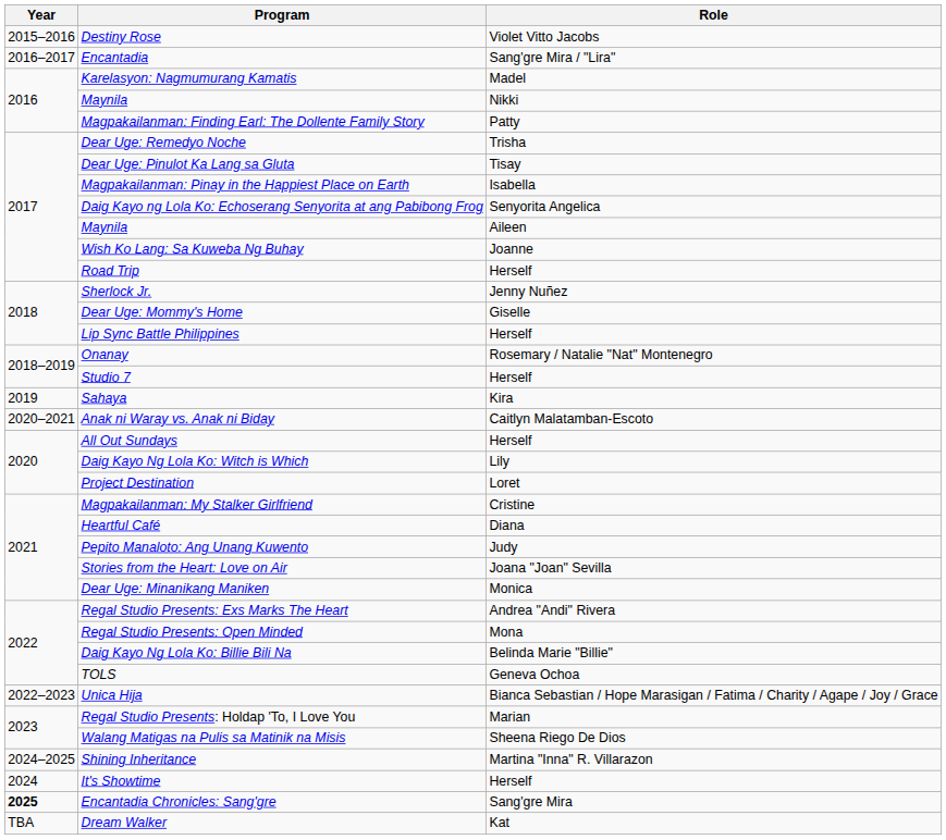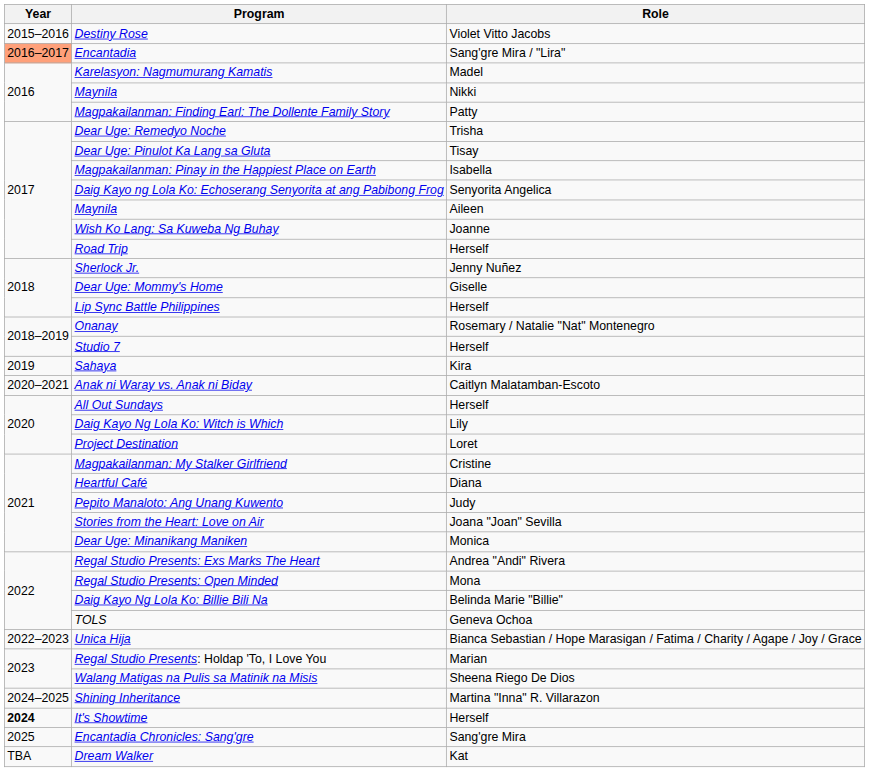 <table class="wikitable" style="font-size: 100%;">
 <tr>
 <th>Year</th>
 <th>Program</th>
 <th>Role</th>
 </tr>
 <tr>
 <td>2015–2016</td>
 <td><em><a href='#'>Destiny Rose</a></em></td>
 <td>Violet Vitto Jacobs</td>
 </tr>
 <tr>
-<td>2016–2017</td>
+<td style="background: lightsalmon;">2016–2017</td>
 <td><em><a href='#'>Encantadia</a></em></td>
 <td>Sang'gre Mira / "Lira"</td>
 </tr>
 <tr>
 <td rowspan="3">2016</td>
 <td><em><a href='#'>Karelasyon: Nagmumurang Kamatis</a></em></td>
 <td>Madel</td>
 </tr>
 <tr>
 <td><em><a href='#'>Maynila</a></em></td>
 <td>Nikki</td>
 </tr>
 <tr>
 <td><em><a href='#'>Magpakailanman: Finding Earl: The Dollente Family Story</a></em></td>
 <td>Patty</td>
 </tr>
 <tr>
 <td rowspan="7">2017</td>
 <td><em><a href='#'>Dear Uge: Remedyo Noche</a></em></td>
 <td>Trisha</td>
 </tr>
 <tr>
 <td><em><a href='#'>Dear Uge: Pinulot Ka Lang sa Gluta</a></em></td>
 <td>Tisay</td>
 </tr>
 <tr>
 <td><em><a href='#'>Magpakailanman: Pinay in the Happiest Place on Earth</a></em></td>
 <td>Isabella</td>
 </tr>
 <tr>
 <td><em><a href='#'>Daig Kayo ng Lola Ko: Echoserang Senyorita at ang Pabibong Frog</a></em></td>
 <td>Senyorita Angelica</td>
 </tr>
 <tr>
 <td><em><a href='#'>Maynila</a></em></td>
 <td>Aileen</td>
 </tr>
 <tr>
 <td><em><a href='#'>Wish Ko Lang: Sa Kuweba Ng Buhay</a></em></td>
 <td>Joanne</td>
 </tr>
 <tr>
 <td><em><a href='#'>Road Trip</a></em></td>
 <td>Herself</td>
 </tr>
 <tr>
 <td rowspan="3">2018</td>
 <td><em><a href='#'>Sherlock Jr.</a></em></td>
 <td>Jenny Nuñez</td>
 </tr>
 <tr>
 <td><em><a href='#'>Dear Uge: Mommy's Home</a></em></td>
 <td>Giselle</td>
 </tr>
 <tr>
 <td><em><a href='#'>Lip Sync Battle Philippines</a></em></td>
 <td>Herself</td>
 </tr>
 <tr>
 <td rowspan="2">2018–2019</td>
 <td><em><a href='#'>Onanay</a></em></td>
 <td>Rosemary / Natalie "Nat" Montenegro</td>
 </tr>
 <tr>
 <td><em><a href='#'>Studio 7</a></em></td>
 <td>Herself</td>
 </tr>
 <tr>
 <td>2019</td>
 <td><em><a href='#'>Sahaya</a></em></td>
 <td>Kira</td>
 </tr>
 <tr>
 <td>2020–2021</td>
 <td><em><a href='#'>Anak ni Waray vs. Anak ni Biday</a></em></td>
 <td>Caitlyn Malatamban-Escoto</td>
 </tr>
 <tr>
 <td rowspan="3">2020</td>
 <td><em><a href='#'>All Out Sundays</a></em></td>
 <td>Herself</td>
 </tr>
 <tr>
 <td><em><a href='#'>Daig Kayo Ng Lola Ko: Witch is Which</a></em></td>
 <td>Lily</td>
 </tr>
 <tr>
 <td><em><a href='#'>Project Destination</a></em></td>
 <td>Loret</td>
 </tr>
 <tr>
 <td rowspan="5">2021</td>
 <td><em><a href='#'>Magpakailanman: My Stalker Girlfriend</a></em></td>
 <td>Cristine</td>
 </tr>
 <tr>
 <td><em><a href='#'>Heartful Café</a></em></td>
 <td>Diana</td>
 </tr>
 <tr>
 <td><em><a href='#'>Pepito Manaloto: Ang Unang Kuwento</a></em></td>
 <td>Judy</td>
 </tr>
 <tr>
 <td><em><a href='#'>Stories from the Heart: Love on Air</a></em></td>
 <td>Joana "Joan" Sevilla</td>
 </tr>
 <tr>
 <td><em><a href='#'>Dear Uge: Minanikang Maniken</a></em></td>
 <td>Monica</td>
 </tr>
 <tr>
 <td rowspan="4">2022</td>
 <td><em><a href='#'>Regal Studio Presents: Exs Marks The Heart</a></em></td>
 <td>Andrea "Andi" Rivera</td>
 </tr>
 <tr>
 <td><em><a href='#'>Regal Studio Presents: Open Minded</a></em></td>
 <td>Mona</td>
 </tr>
 <tr>
 <td><em><a href='#'>Daig Kayo Ng Lola Ko: Billie Bili Na</a></em></td>
 <td>Belinda Marie "Billie"</td>
 </tr>
 <tr>
 <td><em>TOLS</em></td>
 <td>Geneva Ochoa</td>
 </tr>
 <tr>
 <td>2022–2023</td>
 <td><em><a href='#'>Unica Hija</a></em></td>
 <td>Bianca Sebastian / Hope Marasigan / Fatima / Charity / Agape / Joy / Grace</td>
 </tr>
 <tr>
 <td rowspan="2">2023</td>
 <td><em><a href='#'>Regal Studio Presents</a></em>: Holdap 'To, I Love You</td>
 <td>Marian</td>
 </tr>
 <tr>
 <td><em><a href='#'>Walang Matigas na Pulis sa Matinik na Misis</a></em></td>
 <td>Sheena Riego De Dios</td>
 </tr>
 <tr>
 <td>2024–2025</td>
 <td><a href='#'><em>Shining Inheritance</em></a></td>
 <td>Martina "Inna" R. Villarazon</td>
 </tr>
 <tr>
-<td>2024</td>
+<td><strong>2024</strong></td>
 <td><em><a href='#'>It's Showtime</a></em></td>
 <td>Herself</td>
 </tr>
 <tr>
-<td><strong>2025</strong></td>
+<td>2025</td>
 <td><em><a href='#'>Encantadia Chronicles: Sang'gre</a></em></td>
 <td>Sang'gre Mira</td>
 </tr>
 <tr>
 <td>TBA</td>
 <td><a href='#'><em>Dream Walker</em></a></td>
 <td>Kat</td>
 </tr>
 </table>
